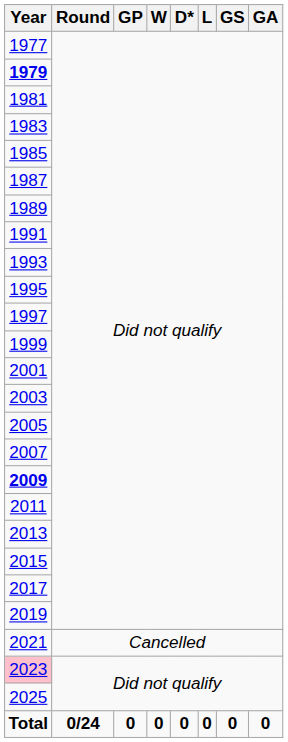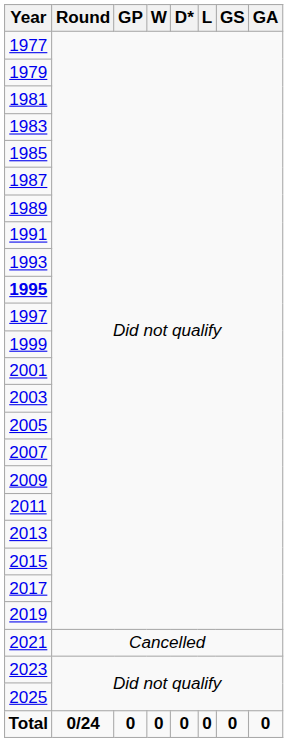 <table class="wikitable" style="text-align: center;">
 <tr>
 <th>Year</th>
 <th>Round</th>
 <th>GP</th>
 <th>W</th>
 <th>D*</th>
 <th>L</th>
 <th>GS</th>
 <th>GA</th>
 </tr>
 <tr>
 <td> <a href='#'>1977</a></td>
 <td rowspan="22" colspan="7"><em>Did not qualify</em></td>
 </tr>
 <tr>
-<td><strong> <a href='#'>1979</a></strong></td>
+<td> <a href='#'>1979</a></td>
 </tr>
 <tr>
 <td> <a href='#'>1981</a></td>
 </tr>
 <tr>
 <td> <a href='#'>1983</a></td>
 </tr>
 <tr>
 <td> <a href='#'>1985</a></td>
 </tr>
 <tr>
 <td> <a href='#'>1987</a></td>
 </tr>
 <tr>
 <td> <a href='#'>1989</a></td>
 </tr>
 <tr>
 <td> <a href='#'>1991</a></td>
 </tr>
 <tr>
 <td> <a href='#'>1993</a></td>
 </tr>
 <tr>
-<td> <a href='#'>1995</a></td>
+<td><strong> <a href='#'>1995</a></strong></td>
 </tr>
 <tr>
 <td> <a href='#'>1997</a></td>
 </tr>
 <tr>
 <td> <a href='#'>1999</a></td>
 </tr>
 <tr>
 <td> <a href='#'>2001</a></td>
 </tr>
 <tr>
 <td> <a href='#'>2003</a></td>
 </tr>
 <tr>
 <td> <a href='#'>2005</a></td>
 </tr>
 <tr>
 <td> <a href='#'>2007</a></td>
 </tr>
 <tr>
-<td><strong> <a href='#'>2009</a></strong></td>
+<td> <a href='#'>2009</a></td>
 </tr>
 <tr>
 <td> <a href='#'>2011</a></td>
 </tr>
 <tr>
 <td> <a href='#'>2013</a></td>
 </tr>
 <tr>
 <td> <a href='#'>2015</a></td>
 </tr>
 <tr>
 <td> <a href='#'>2017</a></td>
 </tr>
 <tr>
 <td> <a href='#'>2019</a></td>
 </tr>
 <tr>
 <td> <a href='#'>2021</a></td>
 <td colspan="7"><em>Cancelled</em></td>
 </tr>
 <tr>
-<td style="background: pink;"> <a href='#'>2023</a></td>
+<td> <a href='#'>2023</a></td>
 <td rowspan="2" colspan="7"><em>Did not qualify</em></td>
 </tr>
 <tr>
 <td> <a href='#'>2025</a></td>
 </tr>
 <tr>
 <td><strong>Total</strong></td>
 <td><strong>0/24</strong></td>
 <td><strong>0</strong></td>
 <td><strong>0</strong></td>
 <td><strong>0</strong></td>
 <td><strong>0</strong></td>
 <td><strong>0</strong></td>
 <td><strong>0</strong></td>
 </tr>
 </table>
